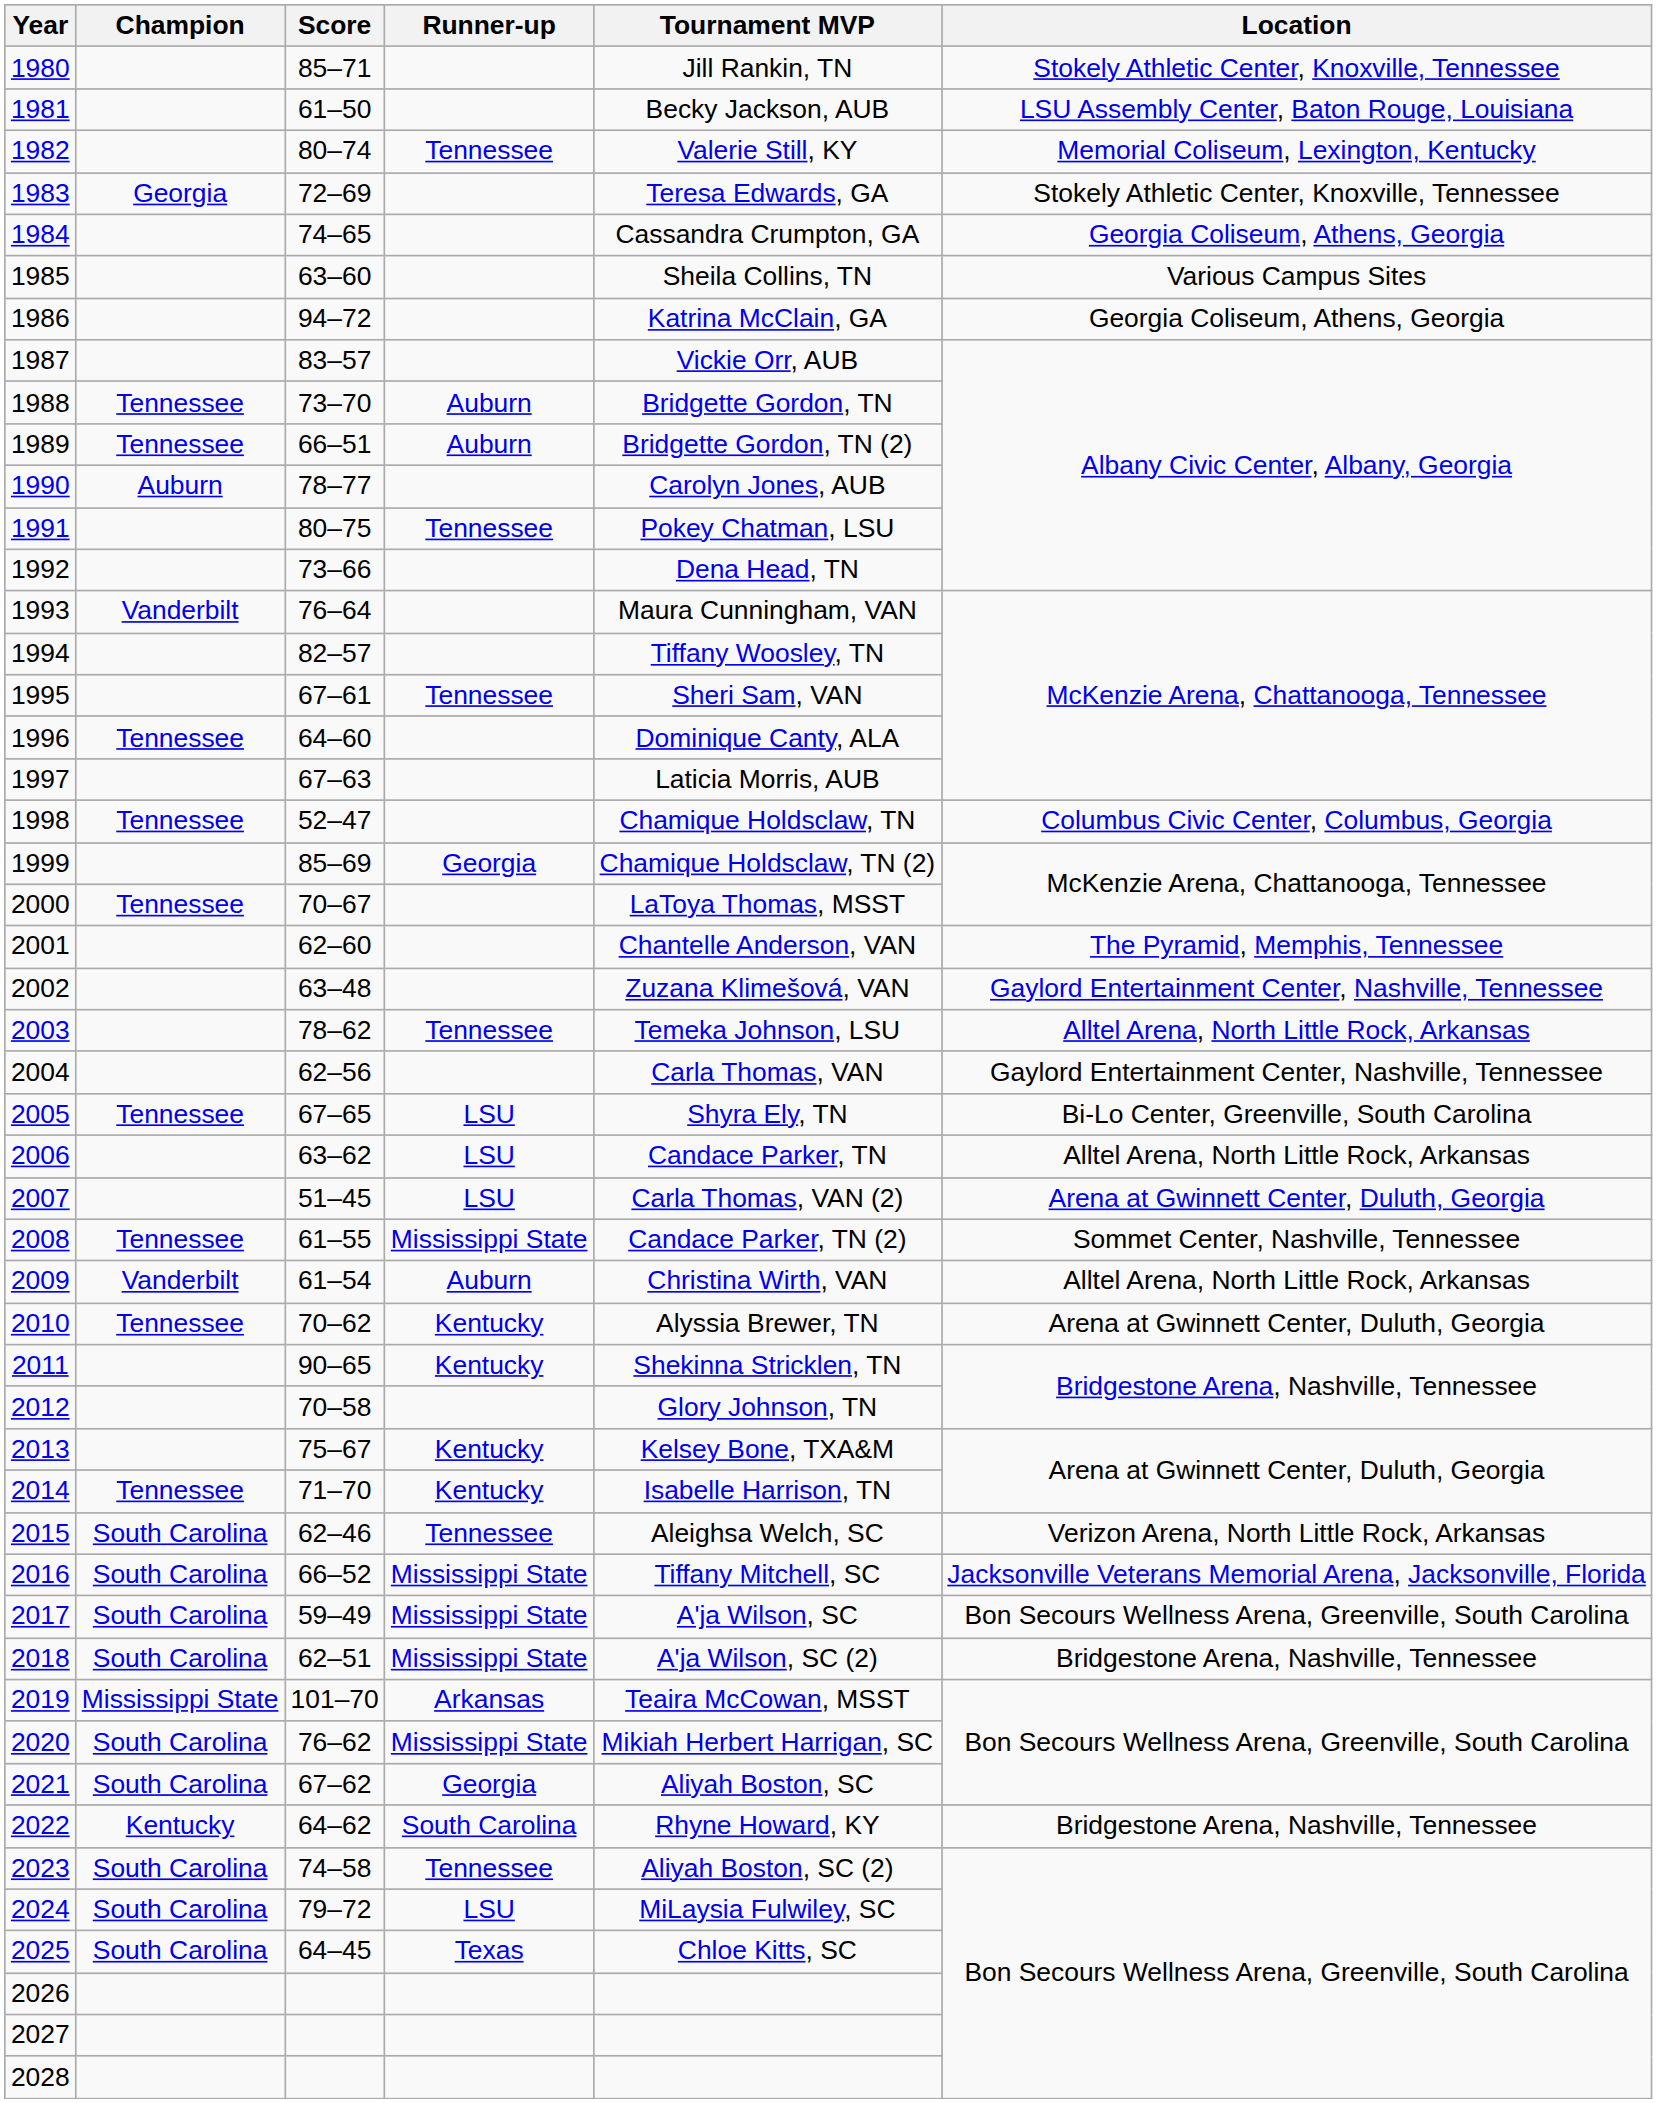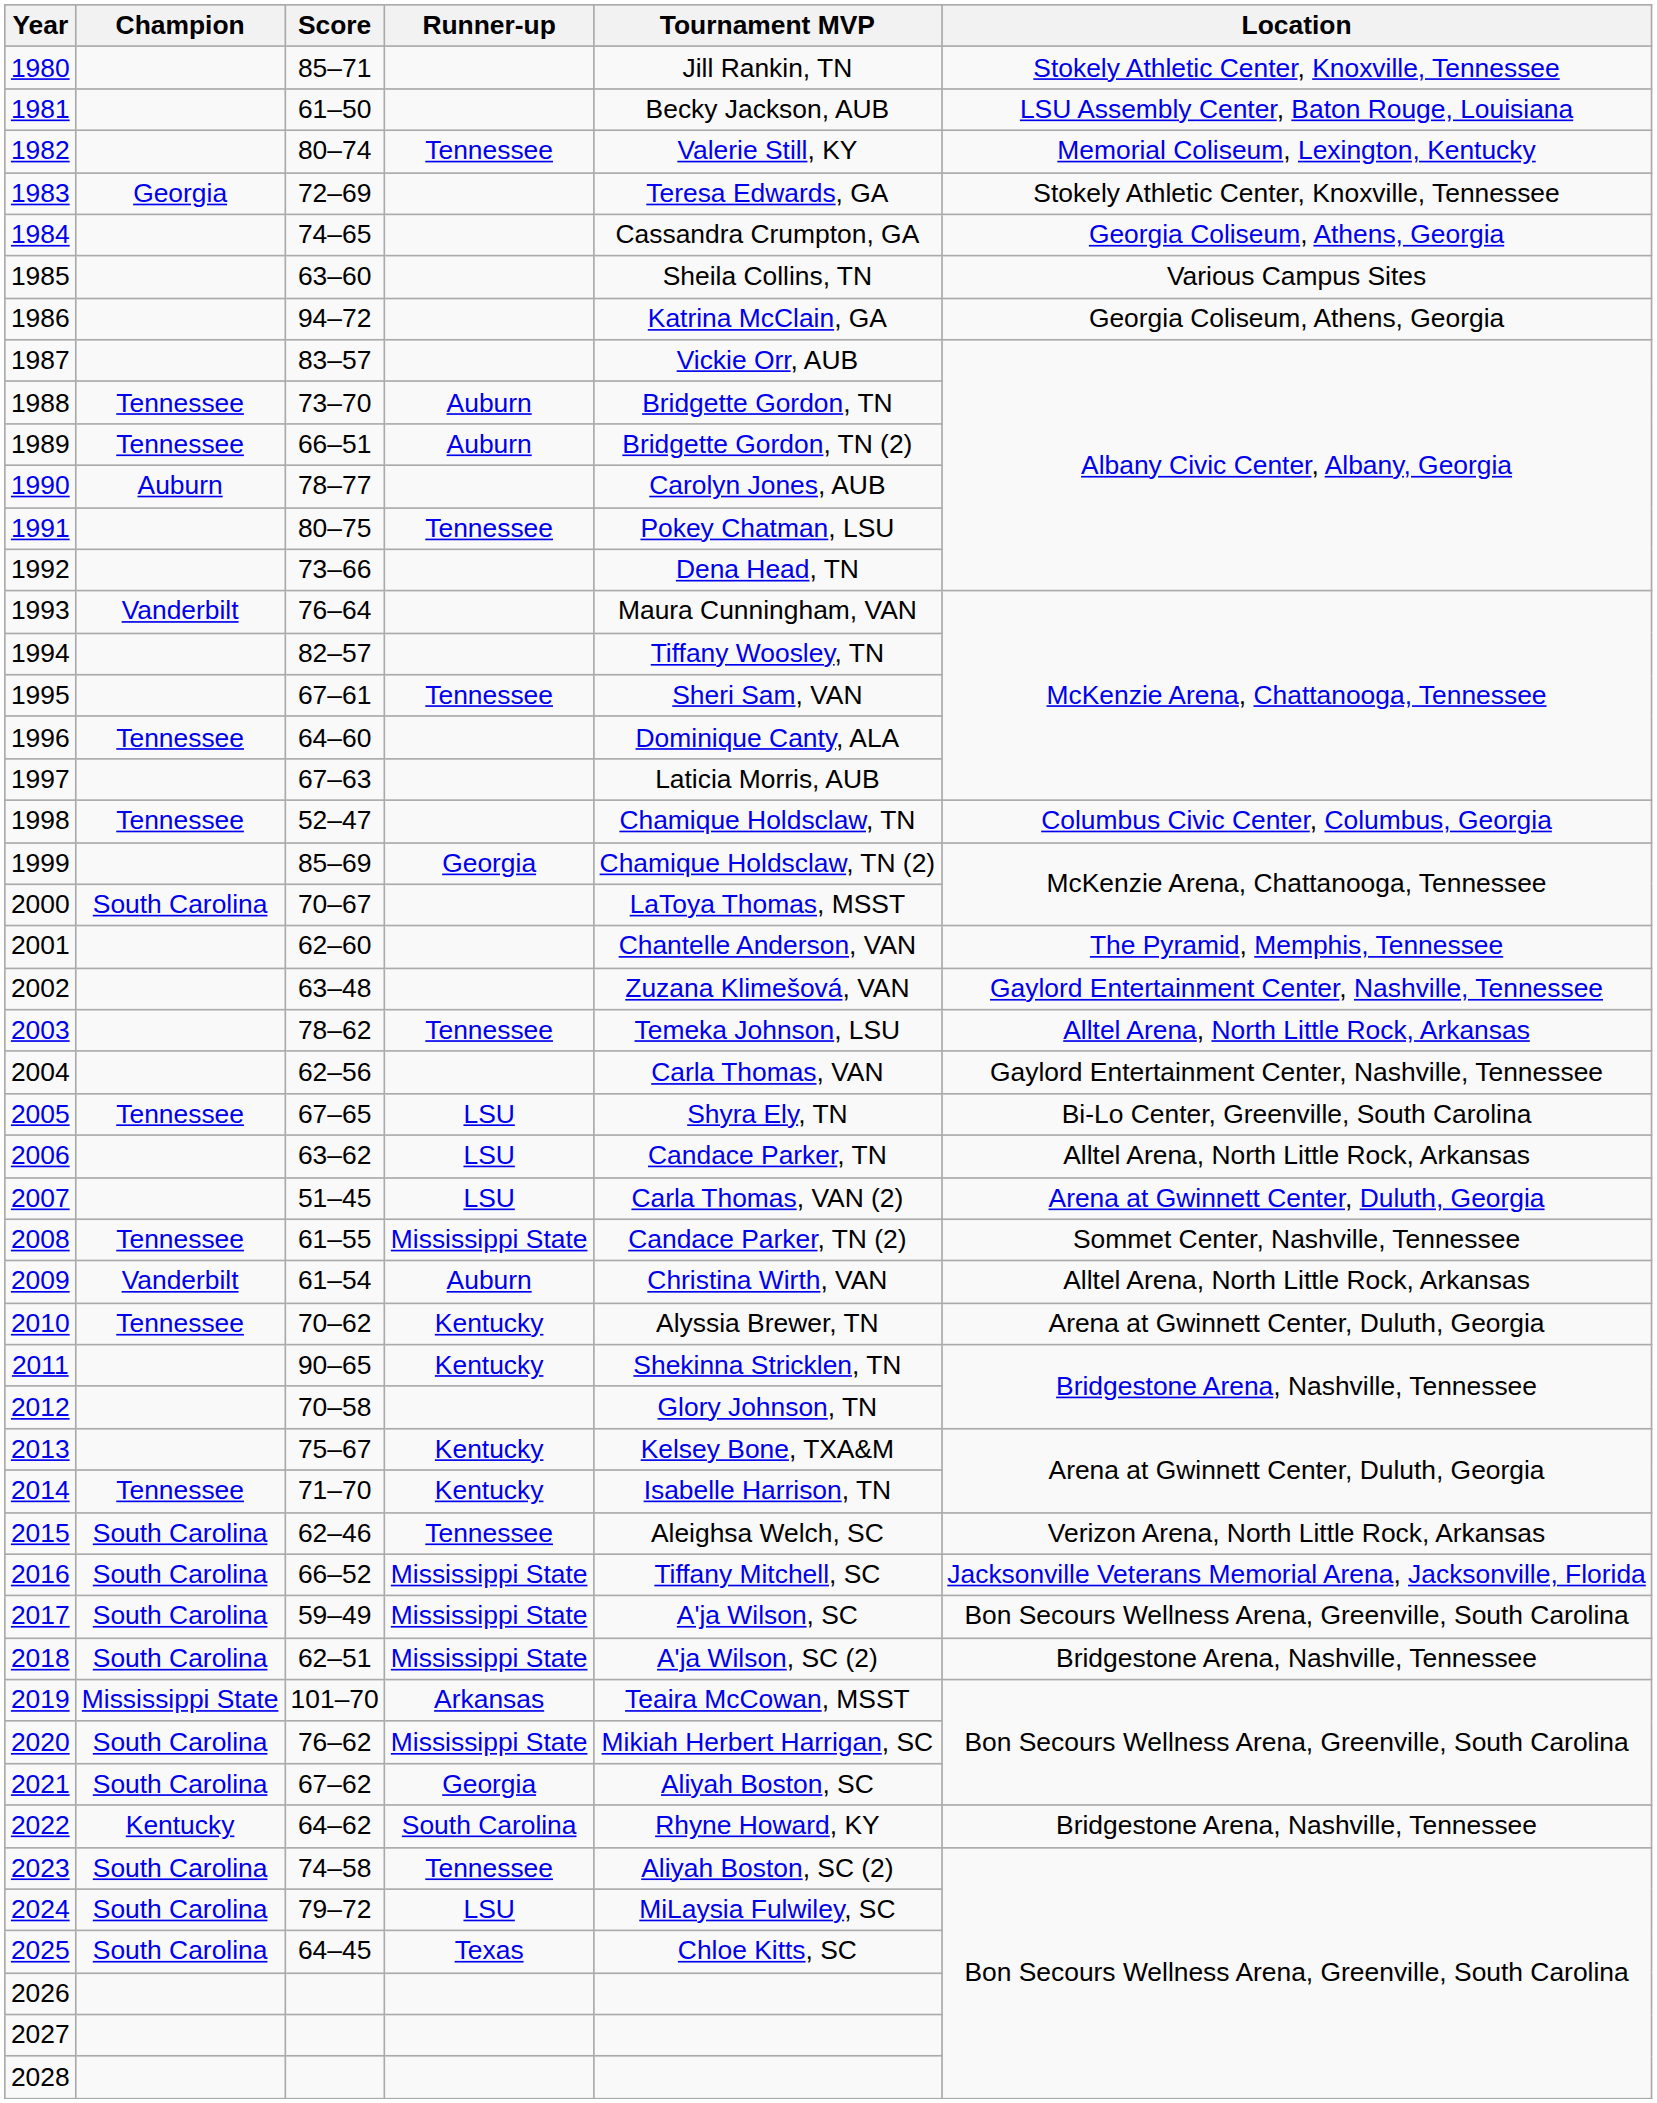 <table class="wikitable sortable" style="text-align:center">
 <tr>
 <th width=px>Year</th>
 <th width=px>Champion</th>
 <th width=px>Score</th>
 <th width=px>Runner-up</th>
 <th width=px>Tournament MVP</th>
 <th width=px>Location</th>
 </tr>
 <tr>
 <td><a href='#'>1980</a></td>
 <td></td>
 <td>85–71</td>
 <td></td>
 <td>Jill Rankin, TN</td>
 <td><a href='#'>Stokely Athletic Center</a>, <a href='#'>Knoxville, Tennessee</a></td>
 </tr>
 <tr>
 <td><a href='#'>1981</a></td>
 <td></td>
 <td>61–50</td>
 <td></td>
 <td>Becky Jackson, AUB</td>
 <td><a href='#'>LSU Assembly Center</a>, <a href='#'>Baton Rouge, Louisiana</a></td>
 </tr>
 <tr>
 <td><a href='#'>1982</a></td>
 <td></td>
 <td>80–74</td>
 <td><a href='#'>Tennessee</a></td>
 <td><a href='#'>Valerie Still</a>, KY</td>
 <td><a href='#'>Memorial Coliseum</a>, <a href='#'>Lexington, Kentucky</a></td>
 </tr>
 <tr>
 <td><a href='#'>1983</a></td>
 <td><a href='#'>Georgia</a></td>
 <td>72–69</td>
 <td></td>
 <td><a href='#'>Teresa Edwards</a>, GA</td>
 <td>Stokely Athletic Center, Knoxville, Tennessee</td>
 </tr>
 <tr>
 <td><a href='#'>1984</a></td>
 <td></td>
 <td>74–65</td>
 <td></td>
 <td>Cassandra Crumpton, GA</td>
 <td><a href='#'>Georgia Coliseum</a>, <a href='#'>Athens, Georgia</a></td>
 </tr>
 <tr>
 <td><span></span>1985</td>
 <td></td>
 <td>63–60</td>
 <td></td>
 <td>Sheila Collins, TN</td>
 <td>Various Campus Sites</td>
 </tr>
 <tr>
 <td><span></span>1986</td>
 <td></td>
 <td>94–72</td>
 <td></td>
 <td><a href='#'>Katrina McClain</a>, GA</td>
 <td>Georgia Coliseum, Athens, Georgia</td>
 </tr>
 <tr>
 <td><span></span>1987</td>
 <td></td>
 <td>83–57</td>
 <td></td>
 <td><a href='#'>Vickie Orr</a>, AUB</td>
 <td rowspan=6><a href='#'>Albany Civic Center</a>, <a href='#'>Albany, Georgia</a></td>
 </tr>
 <tr>
 <td><span></span>1988</td>
 <td><a href='#'>Tennessee</a></td>
 <td>73–70</td>
 <td><a href='#'>Auburn</a></td>
 <td><a href='#'>Bridgette Gordon</a>, TN</td>
 </tr>
 <tr>
 <td><span></span>1989</td>
 <td><a href='#'>Tennessee</a></td>
 <td>66–51</td>
 <td><a href='#'>Auburn</a></td>
 <td><a href='#'>Bridgette Gordon</a>, TN (2)</td>
 </tr>
 <tr>
 <td><a href='#'>1990</a></td>
 <td><a href='#'>Auburn</a></td>
 <td>78–77</td>
 <td></td>
 <td><a href='#'>Carolyn Jones</a>, AUB</td>
 </tr>
 <tr>
 <td><a href='#'>1991</a></td>
 <td></td>
 <td>80–75</td>
 <td><a href='#'>Tennessee</a></td>
 <td><a href='#'>Pokey Chatman</a>, LSU</td>
 </tr>
 <tr>
 <td><span></span>1992</td>
 <td></td>
 <td>73–66</td>
 <td></td>
 <td><a href='#'>Dena Head</a>, TN</td>
 </tr>
 <tr>
 <td><span></span>1993</td>
 <td><a href='#'>Vanderbilt</a></td>
 <td>76–64</td>
 <td></td>
 <td>Maura Cunningham, VAN</td>
 <td rowspan=5><a href='#'>McKenzie Arena</a>, <a href='#'>Chattanooga, Tennessee</a></td>
 </tr>
 <tr>
 <td><span></span>1994</td>
 <td></td>
 <td>82–57</td>
 <td></td>
 <td><a href='#'>Tiffany Woosley</a>, TN</td>
 </tr>
 <tr>
 <td><span></span>1995</td>
 <td></td>
 <td>67–61</td>
 <td><a href='#'>Tennessee</a></td>
 <td><a href='#'>Sheri Sam</a>, VAN</td>
 </tr>
 <tr>
 <td><span></span>1996</td>
 <td><a href='#'>Tennessee</a></td>
 <td>64–60</td>
 <td></td>
 <td><a href='#'>Dominique Canty</a>, ALA</td>
 </tr>
 <tr>
 <td><span></span>1997</td>
 <td></td>
 <td>67–63</td>
 <td></td>
 <td>Laticia Morris, AUB</td>
 </tr>
 <tr>
 <td><span></span>1998</td>
 <td><a href='#'>Tennessee</a></td>
 <td>52–47</td>
 <td></td>
 <td><a href='#'>Chamique Holdsclaw</a>, TN</td>
 <td><a href='#'>Columbus Civic Center</a>, <a href='#'>Columbus, Georgia</a></td>
 </tr>
 <tr>
 <td><span></span>1999</td>
 <td></td>
 <td>85–69</td>
 <td><a href='#'>Georgia</a></td>
 <td><a href='#'>Chamique Holdsclaw</a>, TN (2)</td>
 <td rowspan=2>McKenzie Arena, Chattanooga, Tennessee</td>
 </tr>
 <tr>
 <td><span></span>2000</td>
-<td><a href='#'>Tennessee</a></td>
+<td><a href='#'>South Carolina</a></td>
 <td>70–67</td>
 <td></td>
 <td><a href='#'>LaToya Thomas</a>, MSST</td>
 </tr>
 <tr>
 <td><span></span>2001</td>
 <td></td>
 <td>62–60</td>
 <td></td>
 <td><a href='#'>Chantelle Anderson</a>, VAN</td>
 <td><a href='#'>The Pyramid</a>, <a href='#'>Memphis, Tennessee</a></td>
 </tr>
 <tr>
 <td><span></span>2002</td>
 <td></td>
 <td>63–48</td>
 <td></td>
 <td><a href='#'>Zuzana Klimešová</a>, VAN</td>
 <td><a href='#'>Gaylord Entertainment Center</a>, <a href='#'>Nashville, Tennessee</a></td>
 </tr>
 <tr>
 <td><a href='#'>2003</a></td>
 <td></td>
 <td>78–62</td>
 <td><a href='#'>Tennessee</a></td>
 <td><a href='#'>Temeka Johnson</a>, LSU</td>
 <td><a href='#'>Alltel Arena</a>, <a href='#'>North Little Rock, Arkansas</a></td>
 </tr>
 <tr>
 <td><span></span>2004</td>
 <td></td>
 <td>62–56</td>
 <td></td>
 <td><a href='#'>Carla Thomas</a>, VAN</td>
 <td>Gaylord Entertainment Center, Nashville, Tennessee</td>
 </tr>
 <tr>
 <td><a href='#'>2005</a></td>
 <td><a href='#'>Tennessee</a></td>
 <td>67–65</td>
 <td><a href='#'>LSU</a></td>
 <td><a href='#'>Shyra Ely</a>, TN</td>
 <td>Bi-Lo Center, Greenville, South Carolina</td>
 </tr>
 <tr>
 <td><a href='#'>2006</a></td>
 <td></td>
 <td>63–62</td>
 <td><a href='#'>LSU</a></td>
 <td><a href='#'>Candace Parker</a>, TN</td>
 <td>Alltel Arena, North Little Rock, Arkansas</td>
 </tr>
 <tr>
 <td><a href='#'>2007</a></td>
 <td></td>
 <td>51–45</td>
 <td><a href='#'>LSU</a></td>
 <td><a href='#'>Carla Thomas</a>, VAN (2)</td>
 <td><a href='#'>Arena at Gwinnett Center</a>, <a href='#'>Duluth, Georgia</a></td>
 </tr>
 <tr>
 <td><a href='#'>2008</a></td>
 <td><a href='#'>Tennessee</a></td>
 <td>61–55</td>
 <td><a href='#'>Mississippi State</a></td>
 <td><a href='#'>Candace Parker</a>, TN (2)</td>
 <td>Sommet Center, Nashville, Tennessee</td>
 </tr>
 <tr>
 <td><a href='#'>2009</a></td>
 <td><a href='#'>Vanderbilt</a></td>
 <td>61–54</td>
 <td><a href='#'>Auburn</a></td>
 <td><a href='#'>Christina Wirth</a>, VAN</td>
 <td>Alltel Arena, North Little Rock, Arkansas</td>
 </tr>
 <tr>
 <td><a href='#'>2010</a></td>
 <td><a href='#'>Tennessee</a></td>
 <td>70–62</td>
 <td><a href='#'>Kentucky</a></td>
 <td>Alyssia Brewer, TN</td>
 <td>Arena at Gwinnett Center, Duluth, Georgia</td>
 </tr>
 <tr>
 <td><a href='#'>2011</a></td>
 <td></td>
 <td>90–65</td>
 <td><a href='#'>Kentucky</a></td>
 <td><a href='#'>Shekinna Stricklen</a>, TN</td>
 <td rowspan=2><a href='#'>Bridgestone Arena</a>, Nashville, Tennessee</td>
 </tr>
 <tr>
 <td><a href='#'>2012</a></td>
 <td></td>
 <td>70–58</td>
 <td></td>
 <td><a href='#'>Glory Johnson</a>, TN</td>
 </tr>
 <tr>
 <td><a href='#'>2013</a></td>
 <td></td>
 <td>75–67</td>
 <td><a href='#'>Kentucky</a></td>
 <td><a href='#'>Kelsey Bone</a>, TXA&M</td>
 <td rowspan=2>Arena at Gwinnett Center, Duluth, Georgia</td>
 </tr>
 <tr>
 <td><a href='#'>2014</a></td>
 <td><a href='#'>Tennessee</a></td>
 <td>71–70</td>
 <td><a href='#'>Kentucky</a></td>
 <td><a href='#'>Isabelle Harrison</a>, TN</td>
 </tr>
 <tr>
 <td><a href='#'>2015</a></td>
 <td><a href='#'>South Carolina</a></td>
 <td>62–46</td>
 <td><a href='#'>Tennessee</a></td>
 <td>Aleighsa Welch, SC</td>
 <td>Verizon Arena, North Little Rock, Arkansas</td>
 </tr>
 <tr>
 <td><a href='#'>2016</a></td>
 <td><a href='#'>South Carolina</a></td>
 <td>66–52</td>
 <td><a href='#'>Mississippi State</a></td>
 <td><a href='#'>Tiffany Mitchell</a>, SC</td>
 <td><a href='#'>Jacksonville Veterans Memorial Arena</a>, <a href='#'>Jacksonville, Florida</a></td>
 </tr>
 <tr>
 <td><a href='#'>2017</a></td>
 <td><a href='#'>South Carolina</a></td>
 <td>59–49</td>
 <td><a href='#'>Mississippi State</a></td>
 <td><a href='#'>A'ja Wilson</a>, SC</td>
 <td>Bon Secours Wellness Arena, Greenville, South Carolina</td>
 </tr>
 <tr>
 <td><a href='#'>2018</a></td>
 <td><a href='#'>South Carolina</a></td>
 <td>62–51</td>
 <td><a href='#'>Mississippi State</a></td>
 <td><a href='#'>A'ja Wilson</a>, SC (2)</td>
 <td>Bridgestone Arena, Nashville, Tennessee</td>
 </tr>
 <tr>
 <td><a href='#'>2019</a></td>
 <td><a href='#'>Mississippi State</a></td>
 <td>101–70</td>
 <td><a href='#'>Arkansas</a></td>
 <td><a href='#'>Teaira McCowan</a>, MSST</td>
 <td rowspan=3>Bon Secours Wellness Arena, Greenville, South Carolina</td>
 </tr>
 <tr>
 <td><a href='#'>2020</a></td>
 <td><a href='#'>South Carolina</a></td>
 <td>76–62</td>
 <td><a href='#'>Mississippi State</a></td>
 <td><a href='#'>Mikiah Herbert Harrigan</a>, SC</td>
 </tr>
 <tr>
 <td><a href='#'>2021</a></td>
 <td><a href='#'>South Carolina</a></td>
 <td>67–62</td>
 <td><a href='#'>Georgia</a></td>
 <td><a href='#'>Aliyah Boston</a>, SC</td>
 </tr>
 <tr>
 <td><a href='#'>2022</a></td>
 <td><a href='#'>Kentucky</a></td>
 <td>64–62</td>
 <td><a href='#'>South Carolina</a></td>
 <td><a href='#'>Rhyne Howard</a>, KY</td>
 <td>Bridgestone Arena, Nashville, Tennessee</td>
 </tr>
 <tr>
 <td><a href='#'>2023</a></td>
 <td><a href='#'>South Carolina</a></td>
 <td>74–58</td>
 <td><a href='#'>Tennessee</a></td>
 <td><a href='#'>Aliyah Boston</a>, SC (2)</td>
 <td rowspan=6>Bon Secours Wellness Arena, Greenville, South Carolina</td>
 </tr>
 <tr>
 <td><a href='#'>2024</a></td>
 <td><a href='#'>South Carolina</a></td>
 <td>79–72</td>
 <td><a href='#'>LSU</a></td>
 <td><a href='#'>MiLaysia Fulwiley</a>, SC</td>
 </tr>
 <tr>
 <td><a href='#'>2025</a></td>
 <td><a href='#'>South Carolina</a></td>
 <td>64–45</td>
 <td><a href='#'>Texas</a></td>
 <td><a href='#'>Chloe Kitts</a>, SC</td>
 </tr>
 <tr>
 <td>2026</td>
 <td></td>
 <td></td>
 <td></td>
 <td></td>
 </tr>
 <tr>
 <td>2027</td>
 <td></td>
 <td></td>
 <td></td>
 <td></td>
 </tr>
 <tr>
 <td>2028</td>
 <td></td>
 <td></td>
 <td></td>
 <td></td>
 </tr>
 </table>
